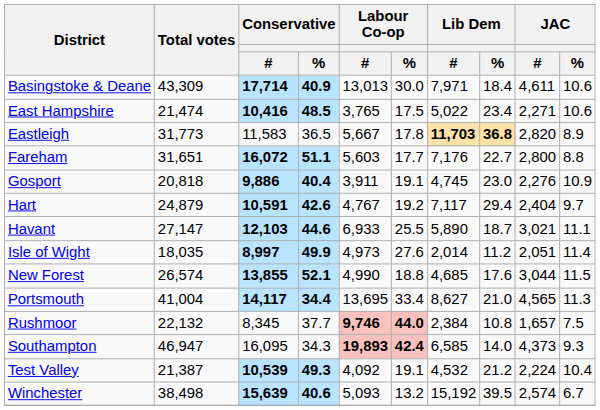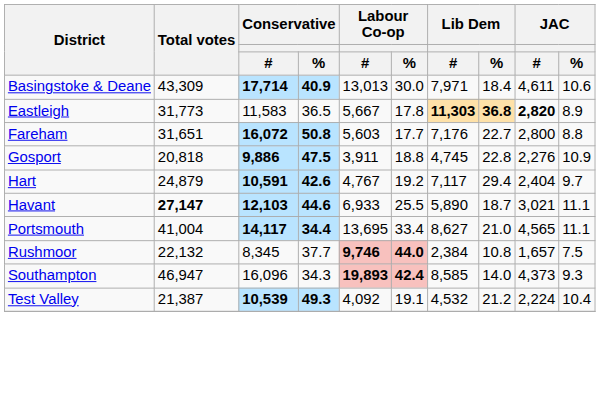 <table class="wikitable sortable">
 <tr>
 <th rowspan=3>District</th>
 <th rowspan=3>Total votes</th>
 <th colspan="2">Conservative</th>
 <th colspan="2">Labour<br>Co-op</th>
 <th colspan="2">Lib Dem</th>
 <th colspan="2">JAC</th>
 </tr>
 <tr>
 <th colspan="2" style="background:"></th>
 <th colspan="2" style="background:"></th>
 <th colspan="2" style="background:"></th>
 <th colspan="2" style="background:"></th>
 </tr>
 <tr>
 <th>#</th>
 <th>%</th>
 <th>#</th>
 <th>%</th>
 <th>#</th>
 <th>%</th>
 <th>#</th>
 <th>%</th>
 </tr>
 <tr>
 <td><a href='#'>Basingstoke & Deane</a></td>
 <td>43,309</td>
 <td style="background:#B9E4FF;"><strong>17,714</strong></td>
 <td style="background:#B9E4FF;"><strong>40.9</strong></td>
 <td>13,013</td>
 <td>30.0</td>
 <td>7,971</td>
 <td>18.4</td>
 <td>4,611</td>
 <td>10.6</td>
 </tr>
 <tr>
-<td><a href='#'>East Hampshire</a></td>
-<td>21,474</td>
-<td style="background:#B9E4FF;"><strong>10,416</strong></td>
-<td style="background:#B9E4FF;"><strong>48.5</strong></td>
-<td>3,765</td>
-<td>17.5</td>
-<td>5,022</td>
-<td>23.4</td>
-<td>2,271</td>
-<td>10.6</td>
-</tr>
-<tr>
 <td><a href='#'>Eastleigh</a></td>
 <td>31,773</td>
 <td>11,583</td>
 <td>36.5</td>
 <td>5,667</td>
 <td>17.8</td>
-<td style="background:#FEE1A8;"><strong>11,703</strong></td>
+<td style="background:#FEE1A8;"><strong>11,303</strong></td>
 <td style="background:#FEE1A8;"><strong>36.8</strong></td>
-<td>2,820</td>
+<td><strong>2,820</strong></td>
 <td>8.9</td>
 </tr>
 <tr>
 <td><a href='#'>Fareham</a></td>
 <td>31,651</td>
 <td style="background:#B9E4FF;"><strong>16,072</strong></td>
-<td style="background:#B9E4FF;"><strong>51.1</strong></td>
+<td style="background:#B9E4FF;"><strong>50.8</strong></td>
 <td>5,603</td>
 <td>17.7</td>
 <td>7,176</td>
 <td>22.7</td>
 <td>2,800</td>
 <td>8.8</td>
 </tr>
 <tr>
 <td><a href='#'>Gosport</a></td>
 <td>20,818</td>
 <td style="background:#B9E4FF;"><strong>9,886</strong></td>
-<td style="background:#B9E4FF;"><strong>40.4</strong></td>
+<td style="background:#B9E4FF;"><strong>47.5</strong></td>
 <td>3,911</td>
-<td>19.1</td>
+<td>18.8</td>
 <td>4,745</td>
-<td>23.0</td>
+<td>22.8</td>
 <td>2,276</td>
 <td>10.9</td>
 </tr>
 <tr>
 <td><a href='#'>Hart</a></td>
 <td>24,879</td>
 <td style="background:#B9E4FF;"><strong>10,591</strong></td>
 <td style="background:#B9E4FF;"><strong>42.6</strong></td>
 <td>4,767</td>
 <td>19.2</td>
 <td>7,117</td>
 <td>29.4</td>
 <td>2,404</td>
 <td>9.7</td>
 </tr>
 <tr>
 <td><a href='#'>Havant</a></td>
-<td>27,147</td>
+<td><strong>27,147</strong></td>
 <td style="background:#B9E4FF;"><strong>12,103</strong></td>
 <td style="background:#B9E4FF;"><strong>44.6</strong></td>
 <td>6,933</td>
 <td>25.5</td>
 <td>5,890</td>
 <td>18.7</td>
 <td>3,021</td>
 <td>11.1</td>
-</tr>
-<tr>
-<td><a href='#'>Isle of Wight</a></td>
-<td>18,035</td>
-<td style="background:#B9E4FF;"><strong>8,997</strong></td>
-<td style="background:#B9E4FF;"><strong>49.9</strong></td>
-<td>4,973</td>
-<td>27.6</td>
-<td>2,014</td>
-<td>11.2</td>
-<td>2,051</td>
-<td>11.4</td>
-</tr>
-<tr>
-<td><a href='#'>New Forest</a></td>
-<td>26,574</td>
-<td style="background:#B9E4FF;"><strong>13,855</strong></td>
-<td style="background:#B9E4FF;"><strong>52.1</strong></td>
-<td>4,990</td>
-<td>18.8</td>
-<td>4,685</td>
-<td>17.6</td>
-<td>3,044</td>
-<td>11.5</td>
 </tr>
 <tr>
 <td><a href='#'>Portsmouth</a></td>
 <td>41,004</td>
 <td style="background:#B9E4FF;"><strong>14,117</strong></td>
 <td style="background:#B9E4FF;"><strong>34.4</strong></td>
 <td>13,695</td>
 <td>33.4</td>
 <td>8,627</td>
 <td>21.0</td>
 <td>4,565</td>
-<td>11.3</td>
+<td>11.1</td>
 </tr>
 <tr>
 <td><a href='#'>Rushmoor</a></td>
 <td>22,132</td>
 <td>8,345</td>
 <td>37.7</td>
 <td style="background:#F8C1BE;"><strong>9,746</strong></td>
 <td style="background:#F8C1BE;"><strong>44.0</strong></td>
 <td>2,384</td>
 <td>10.8</td>
 <td>1,657</td>
 <td>7.5</td>
 </tr>
 <tr>
 <td><a href='#'>Southampton</a></td>
 <td>46,947</td>
-<td>16,095</td>
+<td>16,096</td>
 <td>34.3</td>
 <td style="background:#F8C1BE;"><strong>19,893</strong></td>
 <td style="background:#F8C1BE;"><strong>42.4</strong></td>
-<td>6,585</td>
+<td>8,585</td>
 <td>14.0</td>
 <td>4,373</td>
 <td>9.3</td>
 </tr>
 <tr>
 <td><a href='#'>Test Valley</a></td>
 <td>21,387</td>
 <td style="background:#B9E4FF;"><strong>10,539</strong></td>
 <td style="background:#B9E4FF;"><strong>49.3</strong></td>
 <td>4,092</td>
 <td>19.1</td>
 <td>4,532</td>
 <td>21.2</td>
 <td>2,224</td>
 <td>10.4</td>
 </tr>
 <tr>
-<td><a href='#'>Winchester</a></td>
-<td>38,498</td>
-<td style="background:#B9E4FF;"><strong>15,639</strong></td>
-<td style="background:#B9E4FF;"><strong>40.6</strong></td>
-<td>5,093</td>
-<td>13.2</td>
-<td>15,192</td>
-<td>39.5</td>
-<td>2,574</td>
-<td>6.7</td>
-</tr>
-<tr>
 </tr>
 </table>
